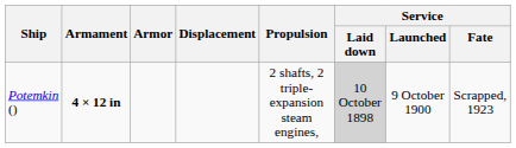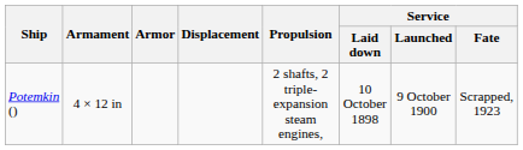 <table class="wikitable">
 <tr valign="center">
 <th align= center rowspan=2>Ship</th>
 <th align= center rowspan=2>Armament</th>
 <th align= center rowspan=2>Armor</th>
 <th align= center rowspan=2>Displacement</th>
 <th align= center rowspan=2>Propulsion</th>
 <th align= center colspan=3>Service</th>
 </tr>
 <tr valign="top">
 <th align= center>Laid down</th>
 <th align= center>Launched</th>
 <th align= center>Fate</th>
 </tr>
 <tr valign="center">
 <td align= left><em><a href='#'>Potemkin</a></em> ()</td>
-<td align= center><strong>4 × 12 in</strong></td>
+<td align= center>4 × 12 in</td>
 <td align= center></td>
 <td align= center></td>
 <td align= center>2 shafts, 2 triple-expansion steam engines, </td>
-<td align= center style="background: lightgrey;">10 October 1898</td>
+<td align= center>10 October 1898</td>
 <td align= center>9 October 1900</td>
 <td align= center>Scrapped, 1923 </td>
 </tr>
 </table>
